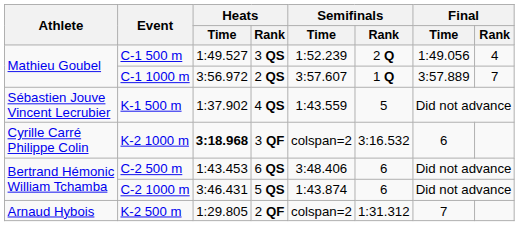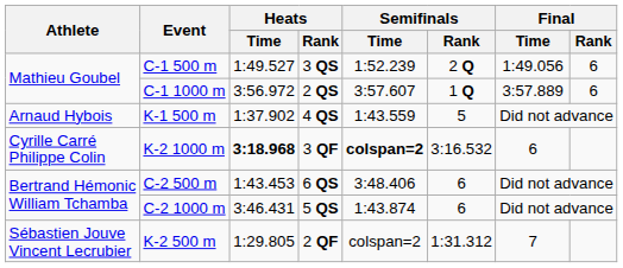 <table class=wikitable style="font-size:90%">
 <tr>
 <th rowspan="2">Athlete</th>
 <th rowspan="2">Event</th>
 <th colspan="2">Heats</th>
 <th colspan="2">Semifinals</th>
 <th colspan="2">Final</th>
 </tr>
 <tr style="font-size:95%">
 <th>Time</th>
 <th>Rank</th>
 <th>Time</th>
 <th>Rank</th>
 <th>Time</th>
 <th>Rank</th>
 </tr>
 <tr align=center>
 <td align=left rowspan=2><a href='#'>Mathieu Goubel</a></td>
 <td align=left><a href='#'>C-1 500 m</a></td>
 <td>1:49.527</td>
 <td>3 <strong>QS</strong></td>
 <td>1:52.239</td>
 <td>2 <strong>Q</strong></td>
 <td>1:49.056</td>
-<td>4</td>
+<td>6</td>
 </tr>
 <tr align=center>
 <td align=left><a href='#'>C-1 1000 m</a></td>
 <td>3:56.972</td>
 <td>2 <strong>QS</strong></td>
 <td>3:57.607</td>
 <td>1 <strong>Q</strong></td>
 <td>3:57.889</td>
-<td>7</td>
+<td>6</td>
 </tr>
 <tr align=center>
-<td align=left><a href='#'>Sébastien Jouve</a><br><a href='#'>Vincent Lecrubier</a></td>
+<td align=left><a href='#'>Arnaud Hybois</a></td>
 <td align=left><a href='#'>K-1 500 m</a></td>
 <td>1:37.902</td>
 <td>4 <strong>QS</strong></td>
 <td>1:43.559</td>
 <td>5</td>
 <td colspan=2>Did not advance</td>
 </tr>
 <tr align=center>
 <td align=left><a href='#'>Cyrille Carré</a><br><a href='#'>Philippe Colin</a></td>
 <td align=left><a href='#'>K-2 1000 m</a></td>
 <td><strong>3:18.968</strong></td>
 <td>3 <strong>QF</strong></td>
-<td>colspan=2 </td>
+<td><strong>colspan=2 </strong></td>
 <td>3:16.532</td>
 <td>6</td>
 </tr>
 <tr align=center>
 <td align=left rowspan=2><a href='#'>Bertrand Hémonic</a><br><a href='#'>William Tchamba</a></td>
 <td align=left><a href='#'>C-2 500 m</a></td>
 <td>1:43.453</td>
 <td>6 <strong>QS</strong></td>
 <td>3:48.406</td>
 <td>6</td>
 <td colspan=2>Did not advance</td>
 </tr>
 <tr align=center>
 <td align=left><a href='#'>C-2 1000 m</a></td>
 <td>3:46.431</td>
 <td>5 <strong>QS</strong></td>
 <td>1:43.874</td>
 <td>6</td>
 <td colspan=2>Did not advance</td>
 </tr>
 <tr align=center>
-<td align=left><a href='#'>Arnaud Hybois</a></td>
+<td align=left><a href='#'>Sébastien Jouve</a><br><a href='#'>Vincent Lecrubier</a></td>
 <td align=left><a href='#'>K-2 500 m</a></td>
 <td>1:29.805</td>
 <td>2 <strong>QF</strong></td>
 <td>colspan=2 </td>
 <td>1:31.312</td>
 <td>7</td>
 </tr>
 </table>
